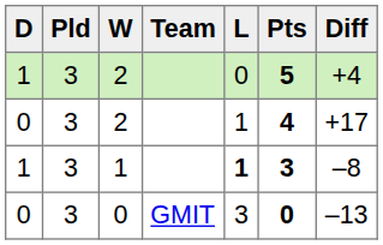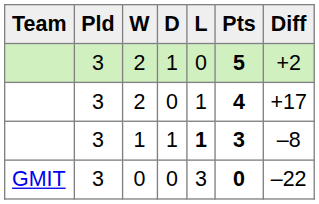 <table style=border-collapse:collapse border=1 cellspacing=0 cellpadding=5>
 <tr align=center bgcolor=#efefef>
-<th>D</th>
+<th>Team</th>
 <th>Pld</th>
 <th>W</th>
-<th>Team</th>
+<th>D</th>
 <th>L</th>
 <th>Pts</th>
 <th>Diff</th>
 </tr>
 <tr align=center style="background:#D0F0C0;">
-<td>1</td>
+<td style="text-align:left;"> </td>
 <td>3</td>
 <td>2</td>
-<td style="text-align:left;"> </td>
+<td>1</td>
 <td>0</td>
 <td><strong>5</strong></td>
-<td>+4</td>
+<td>+2</td>
 </tr>
 <tr align=center style="background:#FFFFFF;">
-<td>0</td>
+<td style="text-align:left;"> </td>
 <td>3</td>
 <td>2</td>
-<td style="text-align:left;"> </td>
+<td>0</td>
 <td>1</td>
 <td><strong>4</strong></td>
 <td>+17</td>
 </tr>
 <tr align=center style="background:#FFFFFF;">
-<td>1</td>
+<td style="text-align:left;"> </td>
 <td>3</td>
 <td>1</td>
-<td style="text-align:left;"> </td>
+<td>1</td>
 <td><strong>1</strong></td>
 <td><strong>3</strong></td>
 <td>–8</td>
 </tr>
 <tr align=center style="background:#FFFFFF;">
+<td style="text-align:left;"> <a href='#'>GMIT</a></td>
+<td>3</td>
+<td>0</td>
 <td>0</td>
 <td>3</td>
-<td>0</td>
-<td style="text-align:left;"> <a href='#'>GMIT</a></td>
-<td>3</td>
 <td><strong>0</strong></td>
-<td>–13</td>
+<td>–22</td>
 </tr>
 </table>
